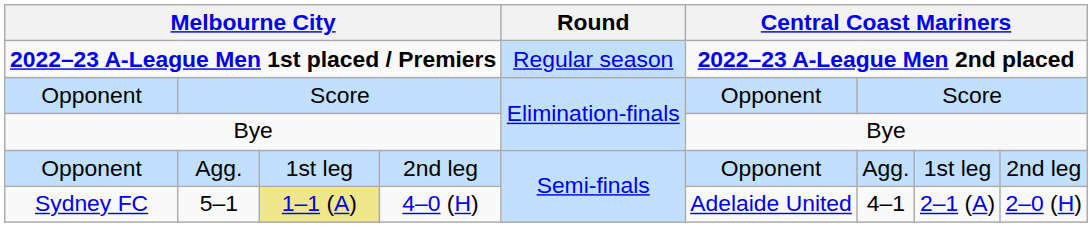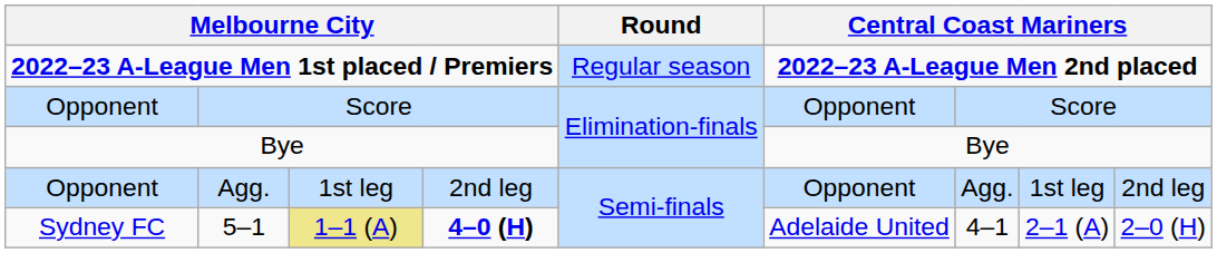 <table class="wikitable" style="text-align:center">
 <tr>
 <th colspan="4"><a href='#'>Melbourne City</a></th>
 <th>Round</th>
 <th colspan="4"><a href='#'>Central Coast Mariners</a></th>
 </tr>
 <tr>
 <td colspan="4" style="vertical-align:top"><strong><a href='#'>2022–23 A-League Men</a> 1st placed / Premiers</strong><br><div></div></td>
 <td style="background:#C1E0FF"><a href='#'>Regular season</a></td>
 <td colspan="4" style="vertical-align:top"><strong><a href='#'>2022–23 A-League Men</a> 2nd placed</strong><br><div></div></td>
 </tr>
 <tr style="background:#c1e0ff">
 <td>Opponent</td>
 <td colspan="3">Score</td>
 <td rowspan=2><a href='#'>Elimination-finals</a></td>
 <td>Opponent</td>
 <td colspan="3">Score</td>
 </tr>
 <tr>
 <td colspan="4">Bye</td>
 <td colspan="4">Bye</td>
 </tr>
 <tr style="background:#C1E0FF">
 <td>Opponent</td>
 <td>Agg.</td>
 <td>1st leg</td>
 <td>2nd leg</td>
 <td rowspan=2><a href='#'>Semi-finals</a></td>
 <td>Opponent</td>
 <td>Agg.</td>
 <td>1st leg</td>
 <td>2nd leg</td>
 </tr>
 <tr>
 <td><a href='#'>Sydney FC</a></td>
 <td>5–1</td>
 <td style="background: khaki;"><a href='#'>1–1</a> (<a href='#'>A</a>)</td>
-<td><a href='#'>4–0</a> (<a href='#'>H</a>)</td>
+<td><strong><a href='#'>4–0</a> (<a href='#'>H</a>)</strong></td>
 <td><a href='#'>Adelaide United</a></td>
 <td>4–1</td>
 <td><a href='#'>2–1</a> (<a href='#'>A</a>)</td>
 <td><a href='#'>2–0</a> (<a href='#'>H</a>)</td>
 </tr>
 </table>
